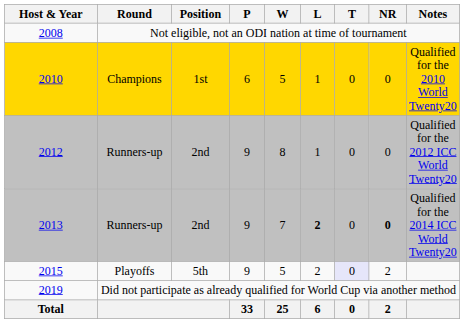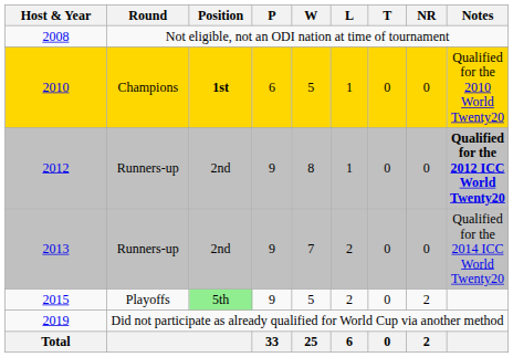 <table class="wikitable" style="text-align: center;">
 <tr>
 <th width=150>Host & Year</th>
 <th width=100>Round</th>
 <th width=75>Position</th>
 <th width=50>P</th>
 <th width=50>W</th>
 <th width=50>L</th>
 <th width=50>T</th>
 <th width=50>NR</th>
 <th>Notes</th>
 </tr>
 <tr>
 <td> <a href='#'>2008</a></td>
 <td colspan="8">Not eligible, not an ODI nation at time of tournament</td>
 </tr>
 <tr bgcolor=gold>
 <td> <a href='#'>2010</a></td>
 <td>Champions</td>
-<td>1st</td>
+<td><strong>1st</strong></td>
 <td>6</td>
 <td>5</td>
 <td>1</td>
 <td>0</td>
 <td>0</td>
 <td>Qualified for the <a href='#'>2010 World Twenty20</a></td>
 </tr>
 <tr bgcolor=silver>
 <td> <a href='#'>2012</a></td>
 <td>Runners-up</td>
 <td>2nd</td>
 <td>9</td>
 <td>8</td>
 <td>1</td>
 <td>0</td>
 <td>0</td>
-<td>Qualified for the <a href='#'>2012 ICC World Twenty20</a></td>
+<td><strong>Qualified for the <a href='#'>2012 ICC World Twenty20</a></strong></td>
 </tr>
 <tr bgcolor=silver>
 <td> <a href='#'>2013</a></td>
 <td>Runners-up</td>
 <td>2nd</td>
 <td>9</td>
 <td>7</td>
-<td><strong>2</strong></td>
+<td>2</td>
 <td>0</td>
-<td><strong>0</strong></td>
+<td>0</td>
 <td>Qualified for the <a href='#'>2014 ICC World Twenty20</a></td>
 </tr>
 <tr>
 <td> <a href='#'>2015</a></td>
 <td>Playoffs</td>
-<td>5th</td>
+<td style="background: lightgreen;">5th</td>
 <td>9</td>
 <td>5</td>
 <td>2</td>
-<td style="background: lavender;">0</td>
+<td>0</td>
 <td>2</td>
 <td></td>
 </tr>
 <tr>
 <td> <a href='#'>2019</a></td>
 <td colspan="8">Did not participate as already qualified for World Cup via another method</td>
 </tr>
 <tr>
 <th>Total</th>
 <th colspan="2"></th>
 <th>33</th>
 <th>25</th>
 <th>6</th>
 <th>0</th>
 <th>2</th>
 <th></th>
 </tr>
 </table>
